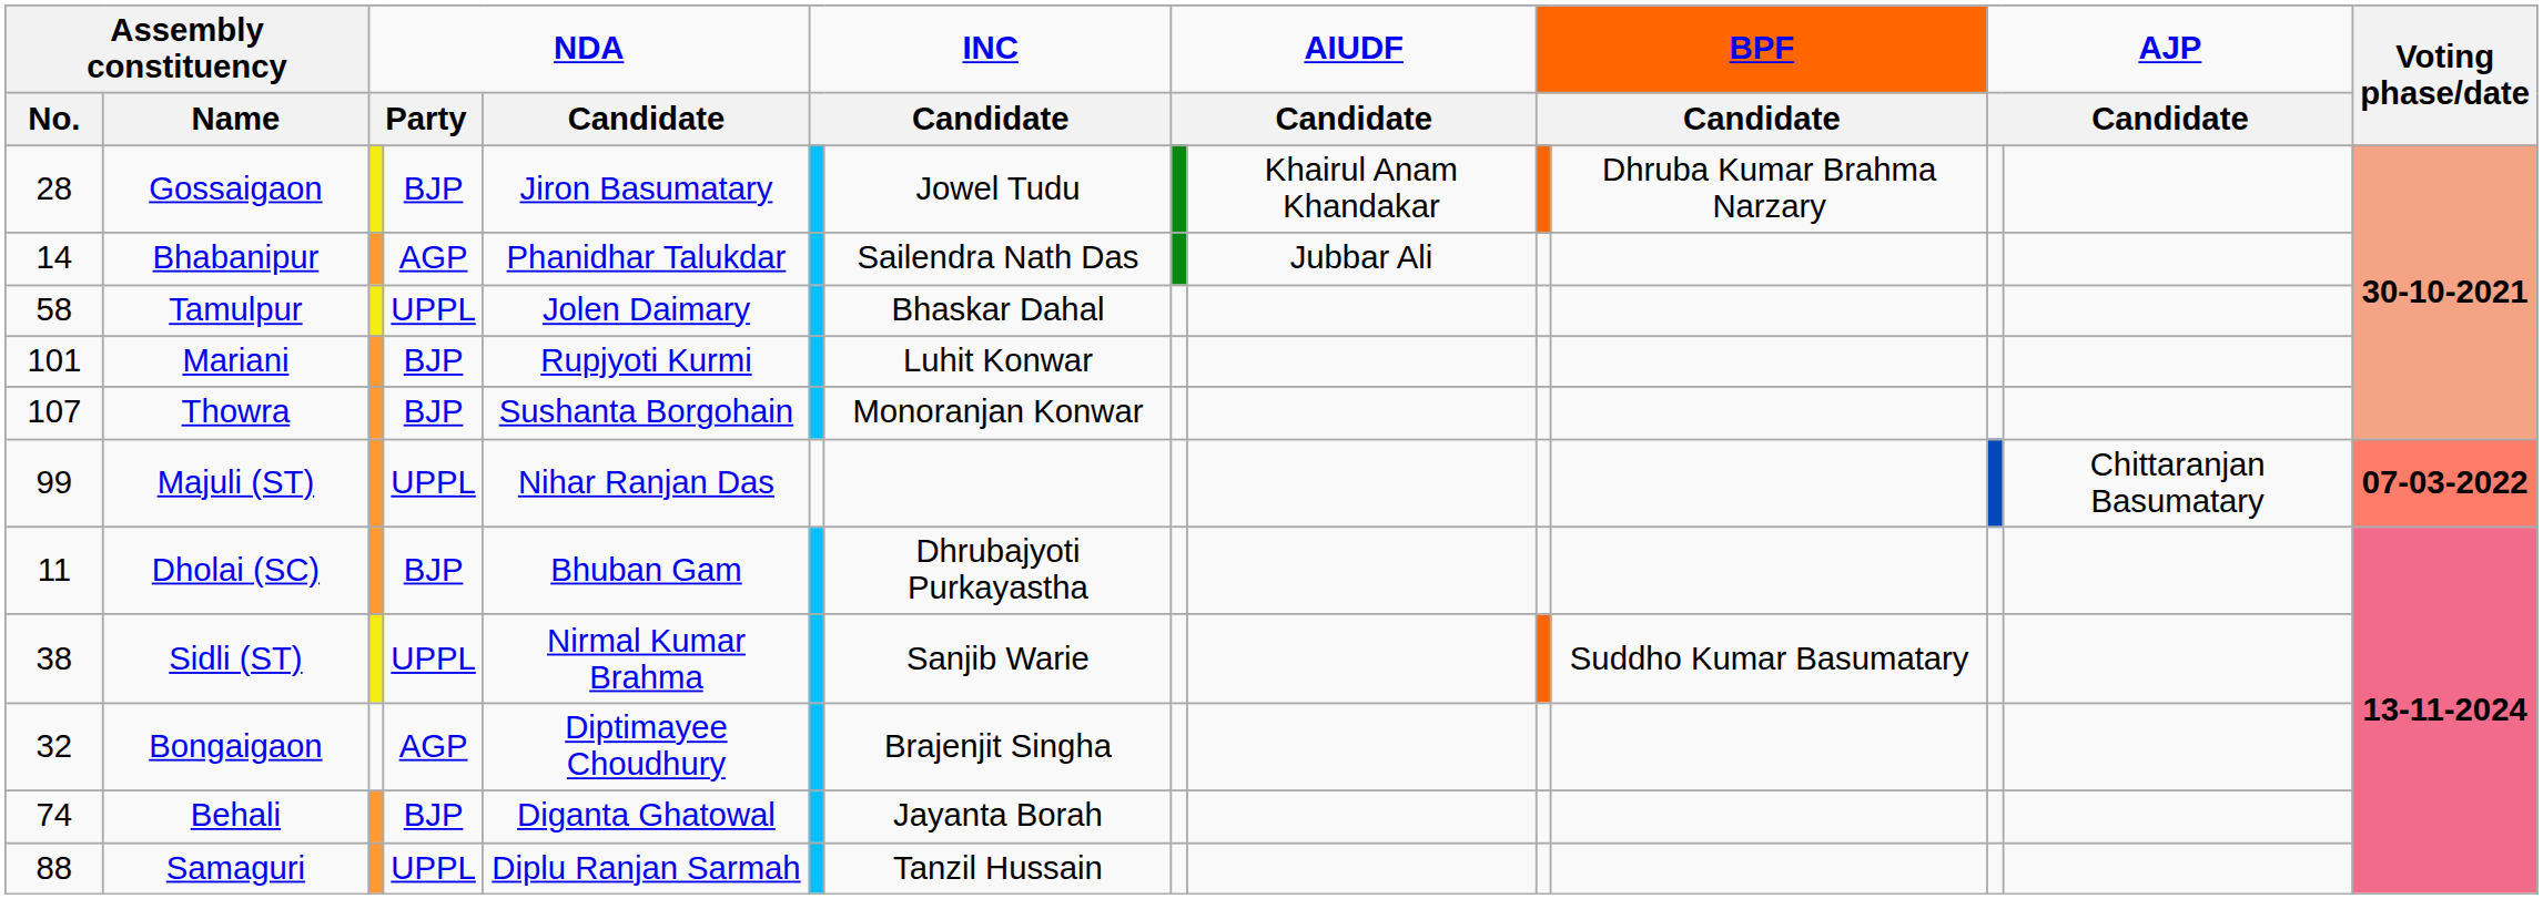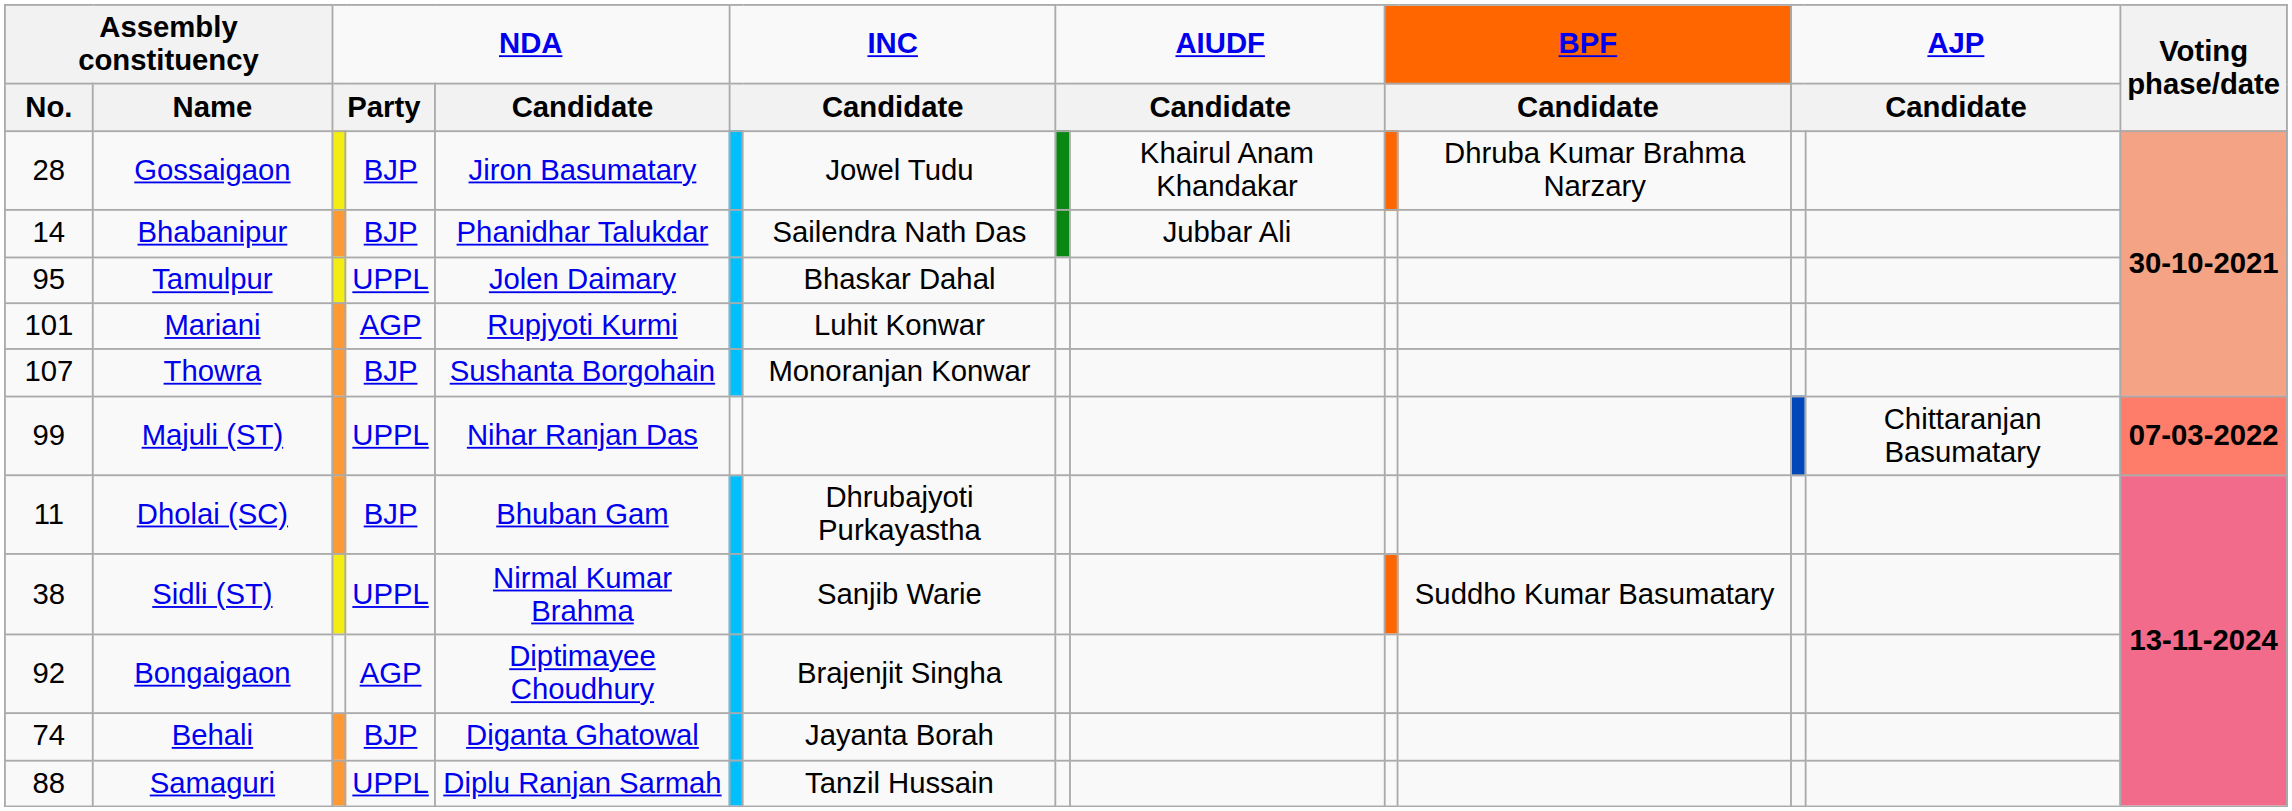 <table class="wikitable sortable" style="text-align:center">
 <tr>
 <th colspan="2">Assembly constituency</th>
 <td colspan="3"><strong><a href='#'>NDA</a></strong></td>
 <td colspan="2"><a href='#'><strong>INC</strong></a></td>
 <td colspan="2"><a href='#'><strong>AIUDF</strong></a></td>
 <td colspan="2" bgcolor="#FF6600"><a href='#'><strong>BPF</strong></a></td>
 <td colspan="2"><a href='#'><strong>AJP</strong></a></td>
 <th rowspan="2">Voting<br>phase/date</th>
 </tr>
 <tr>
 <th>No.</th>
 <th>Name</th>
 <th colspan="2">Party</th>
 <th>Candidate</th>
 <th colspan="2">Candidate</th>
 <th colspan="2">Candidate</th>
 <th colspan="2">Candidate</th>
 <th colspan="2">Candidate</th>
 </tr>
 <tr>
 <td>28</td>
 <td><a href='#'>Gossaigaon</a></td>
 <td bgcolor=#F3ED13></td>
 <td><a href='#'>BJP</a></td>
 <td><a href='#'>Jiron Basumatary</a></td>
 <td bgcolor=#00BFFF></td>
 <td>Jowel Tudu</td>
 <td bgcolor=#0A8612></td>
 <td>Khairul Anam Khandakar</td>
 <td bgcolor=#FF6600></td>
 <td>Dhruba Kumar Brahma Narzary</td>
 <td></td>
 <td></td>
 <td rowspan=5 bgcolor=#f4a384><strong>30-10-2021</strong></td>
 </tr>
 <tr>
 <td>14</td>
 <td><a href='#'>Bhabanipur</a></td>
 <td bgcolor=#FF9933></td>
-<td><a href='#'>AGP</a></td>
+<td><a href='#'>BJP</a></td>
 <td><a href='#'>Phanidhar Talukdar</a></td>
 <td bgcolor=#00BFFF></td>
 <td>Sailendra Nath Das</td>
 <td bgcolor=#0A8612></td>
 <td>Jubbar Ali</td>
 <td></td>
 <td></td>
 <td></td>
 <td></td>
 </tr>
 <tr>
-<td>58</td>
+<td>95</td>
 <td><a href='#'>Tamulpur</a></td>
 <td bgcolor=#F3ED13></td>
 <td><a href='#'>UPPL</a></td>
 <td><a href='#'>Jolen Daimary</a></td>
 <td bgcolor=#00BFFF></td>
 <td>Bhaskar Dahal</td>
 <td></td>
 <td></td>
 <td></td>
 <td></td>
 <td></td>
 </tr>
 <tr>
 <td>101</td>
 <td><a href='#'>Mariani</a></td>
 <td bgcolor=#FF9933></td>
-<td><a href='#'>BJP</a></td>
+<td><a href='#'>AGP</a></td>
 <td><a href='#'>Rupjyoti Kurmi</a></td>
 <td bgcolor=#00BFFF></td>
 <td>Luhit Konwar</td>
 <td></td>
 <td></td>
 <td></td>
 <td></td>
 <td></td>
 <td></td>
 </tr>
 <tr>
 <td>107</td>
 <td><a href='#'>Thowra</a></td>
 <td bgcolor=#FF9933></td>
 <td><a href='#'>BJP</a></td>
 <td><a href='#'>Sushanta Borgohain</a></td>
 <td bgcolor=#00BFFF></td>
 <td>Monoranjan Konwar</td>
 <td></td>
 <td></td>
 <td></td>
 <td></td>
 <td></td>
 <td></td>
 </tr>
 <tr>
 <td>99</td>
 <td><a href='#'>Majuli (ST)</a></td>
 <td bgcolor=#FF9933></td>
 <td><a href='#'>UPPL</a></td>
 <td><a href='#'>Nihar Ranjan Das</a></td>
 <td></td>
 <td></td>
 <td></td>
 <td></td>
 <td></td>
 <td></td>
 <td bgcolor=#0048BA></td>
 <td>Chittaranjan Basumatary</td>
 <td bgcolor=#FE7D6A><strong>07-03-2022</strong></td>
 </tr>
 <tr>
 <td>11</td>
 <td><a href='#'>Dholai (SC)</a></td>
 <td bgcolor=#FF9933></td>
 <td><a href='#'>BJP</a></td>
 <td><a href='#'>Bhuban Gam</a></td>
 <td bgcolor=#00BFFF></td>
 <td>Dhrubajyoti Purkayastha</td>
 <td></td>
 <td></td>
 <td></td>
 <td></td>
 <td></td>
 <td></td>
 <td rowspan=5 bgcolor=#F26B8A><strong>13-11-2024</strong></td>
 </tr>
 <tr>
 <td>38</td>
 <td><a href='#'>Sidli (ST)</a></td>
 <td bgcolor=#F3ED13></td>
 <td><a href='#'>UPPL</a></td>
 <td><a href='#'>Nirmal Kumar Brahma</a></td>
 <td bgcolor=#00BFFF></td>
 <td>Sanjib Warie</td>
 <td></td>
 <td></td>
 <td bgcolor=#FF6600></td>
 <td>Suddho Kumar Basumatary</td>
 <td></td>
 <td></td>
 </tr>
 <tr>
-<td>32</td>
+<td>92</td>
 <td><a href='#'>Bongaigaon</a></td>
 <td></td>
 <td><a href='#'>AGP</a></td>
 <td><a href='#'>Diptimayee Choudhury</a></td>
 <td bgcolor=#00BFFF></td>
 <td>Brajenjit Singha</td>
 <td></td>
 <td></td>
 <td></td>
 <td></td>
 <td></td>
 <td></td>
 </tr>
 <tr>
 <td>74</td>
 <td><a href='#'>Behali</a></td>
 <td bgcolor=#FF9933></td>
 <td><a href='#'>BJP</a></td>
 <td><a href='#'>Diganta Ghatowal</a></td>
 <td bgcolor=#00BFFF></td>
 <td>Jayanta Borah</td>
 <td></td>
 <td></td>
 <td></td>
 <td></td>
 <td></td>
 <td></td>
 </tr>
 <tr>
 <td>88</td>
 <td><a href='#'>Samaguri</a></td>
 <td bgcolor=#FF9933></td>
 <td><a href='#'>UPPL</a></td>
 <td><a href='#'>Diplu Ranjan Sarmah</a></td>
 <td bgcolor=#00BFFF></td>
 <td>Tanzil Hussain</td>
 <td></td>
 <td></td>
 <td></td>
 <td></td>
 <td></td>
 <td></td>
 </tr>
 </table>
